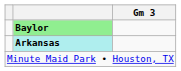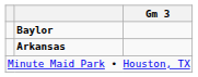 <table class="wikitable" style="float:right; font-size:90%">
 <tr>
 <th style="width: 5px"></th>
 <th style="width: 120px"></th>
 <th>Gm 3</th>
 </tr>
 <tr>
 <td></td>
-<td style="background: lightgreen;"><strong>Baylor</strong></td>
+<td><strong>Baylor</strong></td>
 <td></td>
 </tr>
 <tr>
 <td></td>
-<td style="background: paleturquoise;"><strong>Arkansas</strong></td>
+<td><strong>Arkansas</strong></td>
 <td></td>
 </tr>
 <tr>
 <td colspan=6 style="text-align:center"><a href='#'>Minute Maid Park</a> • <a href='#'>Houston, TX</a><br></td>
 </tr>
 </table>
